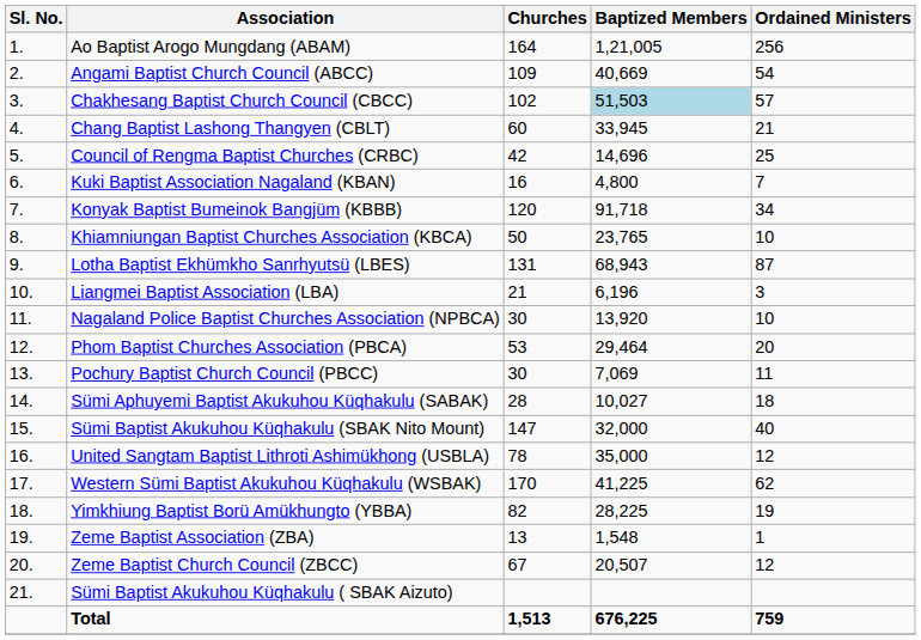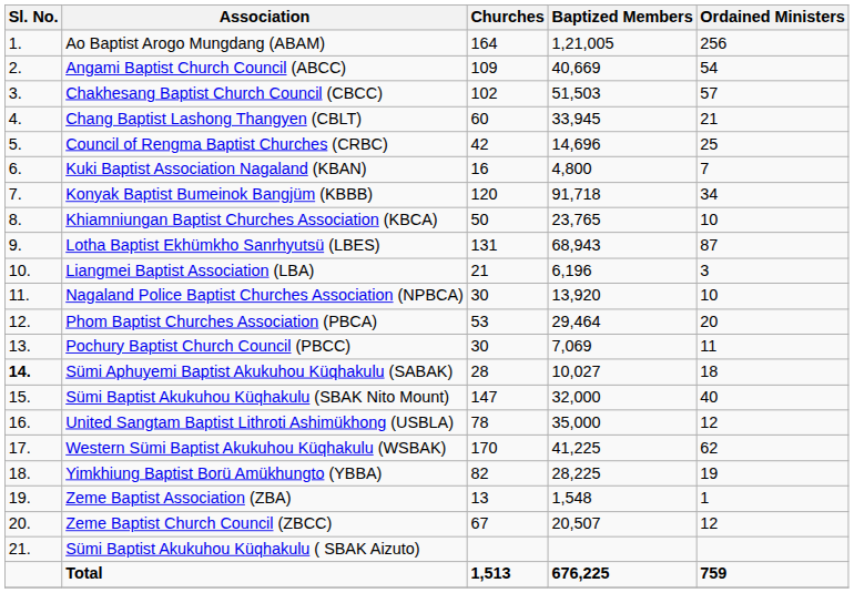 <table class = "wikitable">
 <tr>
 <th>Sl. No.</th>
 <th>Association</th>
 <th>Churches</th>
 <th>Baptized Members</th>
 <th>Ordained Ministers</th>
 </tr>
 <tr>
 <td>1.</td>
 <td>Ao Baptist Arogo Mungdang (ABAM)</td>
 <td>164</td>
 <td>1,21,005</td>
 <td>256</td>
 </tr>
 <tr>
 <td>2.</td>
 <td><a href='#'>Angami Baptist Church Council</a> (ABCC)</td>
 <td>109</td>
 <td>40,669</td>
 <td>54</td>
 </tr>
 <tr>
 <td>3.</td>
 <td><a href='#'>Chakhesang Baptist Church Council</a> (CBCC)</td>
 <td>102</td>
-<td style="background: lightblue;">51,503</td>
+<td>51,503</td>
 <td>57</td>
 </tr>
 <tr>
 <td>4.</td>
 <td><a href='#'>Chang Baptist Lashong Thangyen</a> (CBLT)</td>
 <td>60</td>
 <td>33,945</td>
 <td>21</td>
 </tr>
 <tr>
 <td>5.</td>
 <td><a href='#'>Council of Rengma Baptist Churches</a> (CRBC)</td>
 <td>42</td>
 <td>14,696</td>
 <td>25</td>
 </tr>
 <tr>
 <td>6.</td>
 <td><a href='#'>Kuki Baptist Association Nagaland</a> (KBAN)</td>
 <td>16</td>
 <td>4,800</td>
 <td>7</td>
 </tr>
 <tr>
 <td>7.</td>
 <td><a href='#'>Konyak Baptist Bumeinok Bangjüm</a> (KBBB)</td>
 <td>120</td>
 <td>91,718</td>
 <td>34</td>
 </tr>
 <tr>
 <td>8.</td>
 <td><a href='#'>Khiamniungan Baptist Churches Association</a> (KBCA)</td>
 <td>50</td>
 <td>23,765</td>
 <td>10</td>
 </tr>
 <tr>
 <td>9.</td>
 <td><a href='#'>Lotha Baptist Ekhümkho Sanrhyutsü</a> (LBES)</td>
 <td>131</td>
 <td>68,943</td>
 <td>87</td>
 </tr>
 <tr>
 <td>10.</td>
 <td><a href='#'>Liangmei Baptist Association</a> (LBA)</td>
 <td>21</td>
 <td>6,196</td>
 <td>3</td>
 </tr>
 <tr>
 <td>11.</td>
 <td><a href='#'>Nagaland Police Baptist Churches Association</a> (NPBCA)</td>
 <td>30</td>
 <td>13,920</td>
 <td>10</td>
 </tr>
 <tr>
 <td>12.</td>
 <td><a href='#'>Phom Baptist Churches Association</a> (PBCA)</td>
 <td>53</td>
 <td>29,464</td>
 <td>20</td>
 </tr>
 <tr>
 <td>13.</td>
 <td><a href='#'>Pochury Baptist Church Council</a> (PBCC)</td>
 <td>30</td>
 <td>7,069</td>
 <td>11</td>
 </tr>
 <tr>
-<td>14.</td>
+<td><strong>14.</strong></td>
 <td><a href='#'>Sümi Aphuyemi Baptist Akukuhou Küqhakulu</a> (SABAK)</td>
 <td>28</td>
 <td>10,027</td>
 <td>18</td>
 </tr>
 <tr>
 <td>15.</td>
 <td><a href='#'>Sümi Baptist Akukuhou Küqhakulu</a> (SBAK Nito Mount)</td>
 <td>147</td>
 <td>32,000</td>
 <td>40</td>
 </tr>
 <tr>
 <td>16.</td>
 <td><a href='#'>United Sangtam Baptist Lithroti Ashimükhong</a> (USBLA)</td>
 <td>78</td>
 <td>35,000</td>
 <td>12</td>
 </tr>
 <tr>
 <td>17.</td>
 <td><a href='#'>Western Sümi Baptist Akukuhou Küqhakulu</a> (WSBAK)</td>
 <td>170</td>
 <td>41,225</td>
 <td>62</td>
 </tr>
 <tr>
 <td>18.</td>
 <td><a href='#'>Yimkhiung Baptist Borü Amükhungto</a> (YBBA)</td>
 <td>82</td>
 <td>28,225</td>
 <td>19</td>
 </tr>
 <tr>
 <td>19.</td>
 <td><a href='#'>Zeme Baptist Association</a> (ZBA)</td>
 <td>13</td>
 <td>1,548</td>
 <td>1</td>
 </tr>
 <tr>
 <td>20.</td>
 <td><a href='#'>Zeme Baptist Church Council</a> (ZBCC)</td>
 <td>67</td>
 <td>20,507</td>
 <td>12</td>
 </tr>
 <tr>
 <td>21.</td>
 <td><a href='#'>Sümi Baptist Akukuhou Küqhakulu</a> ( SBAK Aizuto)</td>
 <td></td>
 <td></td>
 <td></td>
 </tr>
 <tr>
 <td></td>
 <td><strong>Total</strong></td>
 <td><strong>1,513</strong></td>
 <td><strong>676,225</strong></td>
 <td><strong>759</strong></td>
 </tr>
 <tr>
 </tr>
 </table>
